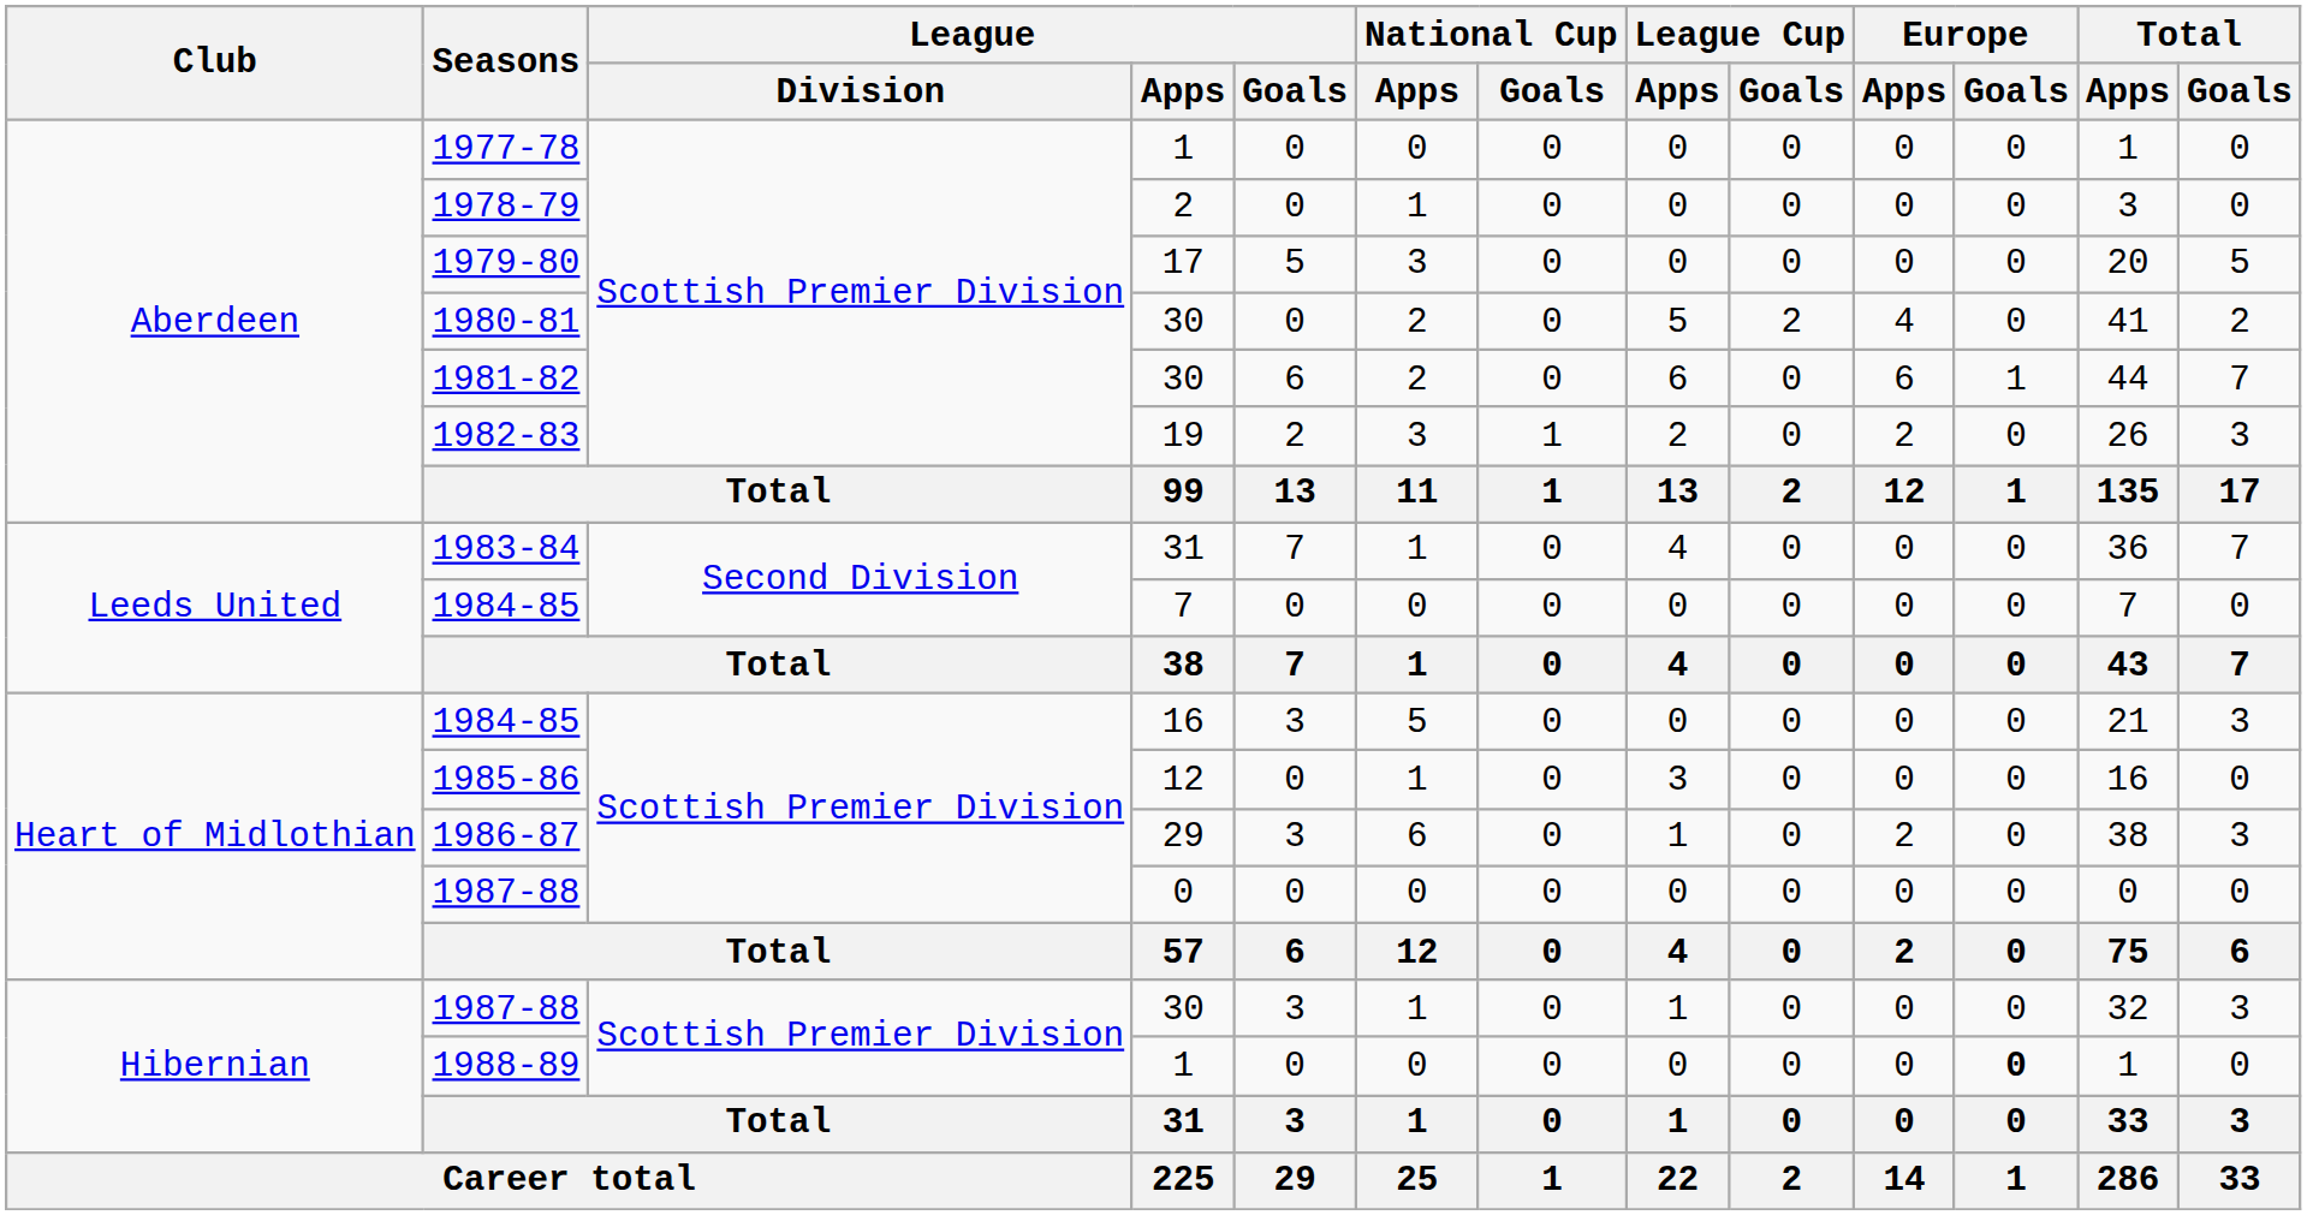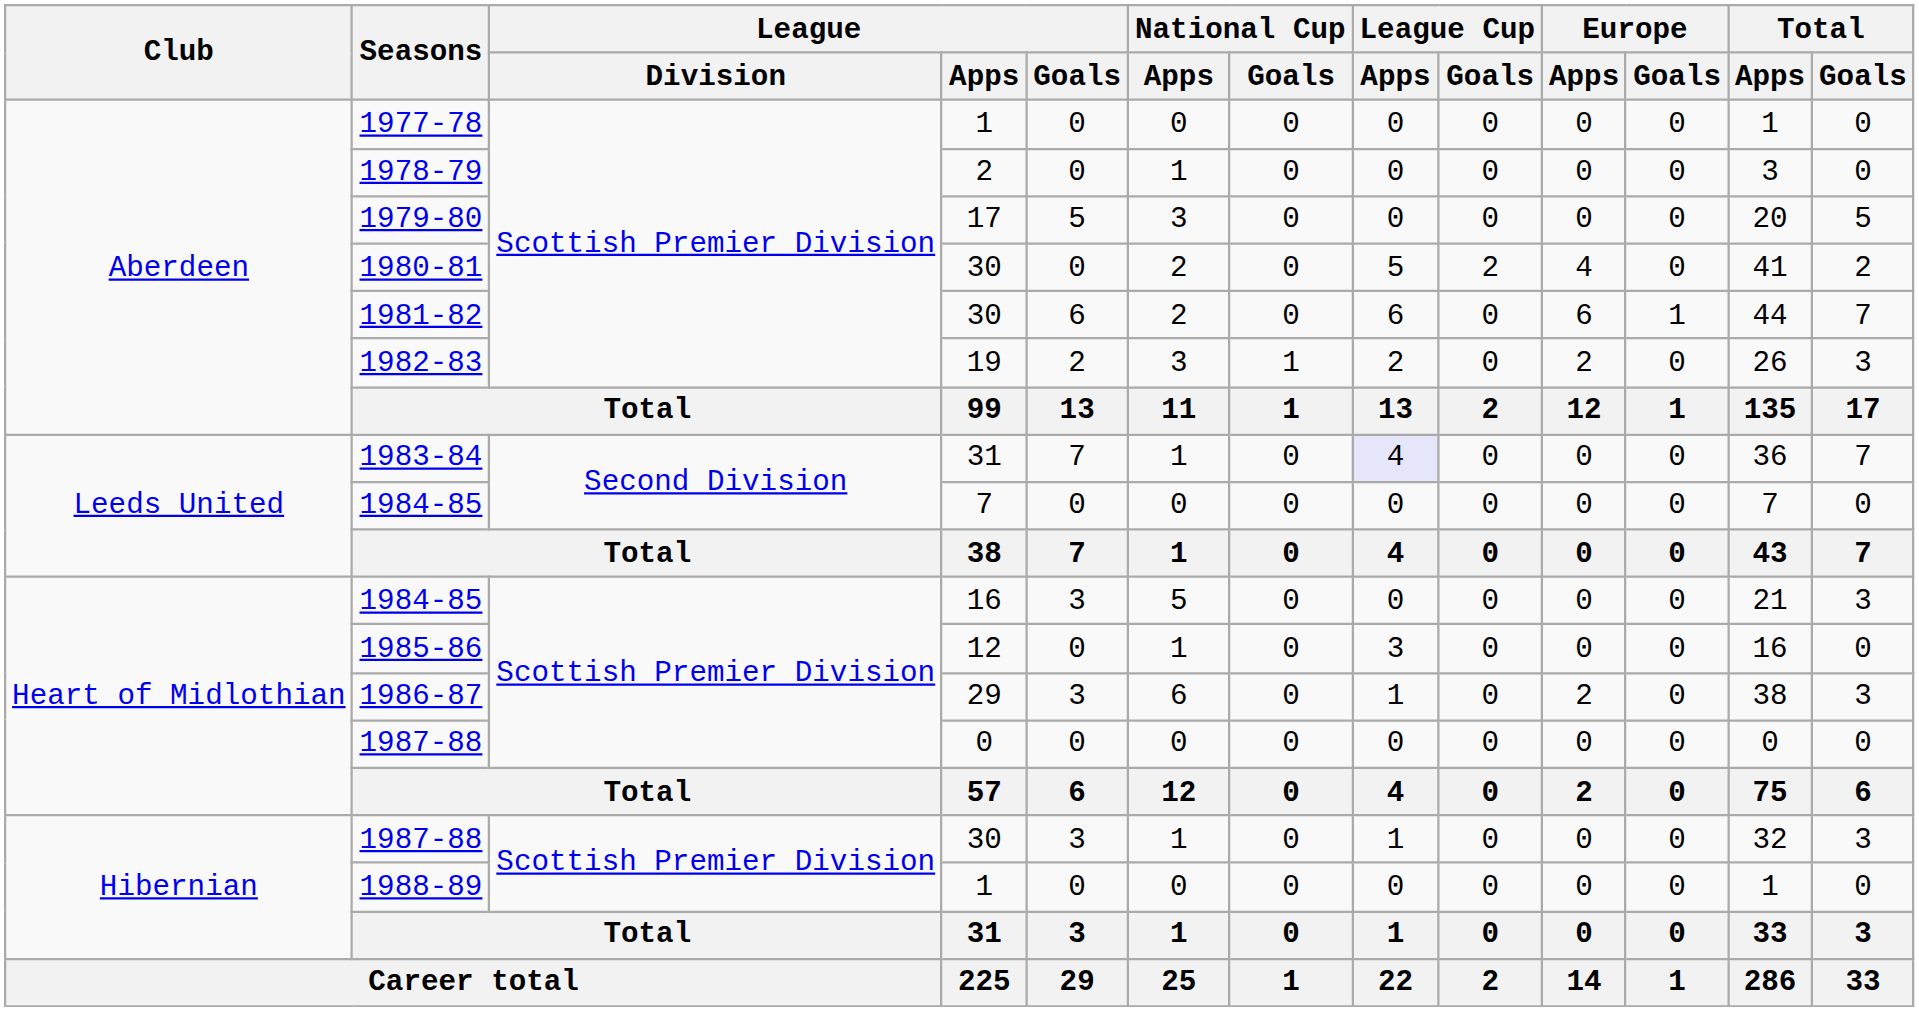 <table class="wikitable" style="text-align:center">
 <tr>
 <th rowspan="2">Club</th>
 <th rowspan="2">Seasons</th>
 <th colspan="3">League</th>
 <th colspan="2">National Cup</th>
 <th colspan="2">League Cup</th>
 <th colspan="2">Europe</th>
 <th colspan="2">Total</th>
 </tr>
 <tr>
 <th>Division</th>
 <th>Apps</th>
 <th>Goals</th>
 <th>Apps</th>
 <th>Goals</th>
 <th>Apps</th>
 <th>Goals</th>
 <th>Apps</th>
 <th>Goals</th>
 <th>Apps</th>
 <th>Goals</th>
 </tr>
 <tr>
 <td rowspan="7"><a href='#'>Aberdeen</a></td>
 <td><a href='#'>1977-78</a></td>
 <td rowspan="6"><a href='#'>Scottish Premier Division</a></td>
 <td>1</td>
 <td>0</td>
 <td>0</td>
 <td>0</td>
 <td>0</td>
 <td>0</td>
 <td>0</td>
 <td>0</td>
 <td>1</td>
 <td>0</td>
 </tr>
 <tr>
 <td><a href='#'>1978-79</a></td>
 <td>2</td>
 <td>0</td>
 <td>1</td>
 <td>0</td>
 <td>0</td>
 <td>0</td>
 <td>0</td>
 <td>0</td>
 <td>3</td>
 <td>0</td>
 </tr>
 <tr>
 <td><a href='#'>1979-80</a></td>
 <td>17</td>
 <td>5</td>
 <td>3</td>
 <td>0</td>
 <td>0</td>
 <td>0</td>
 <td>0</td>
 <td>0</td>
 <td>20</td>
 <td>5</td>
 </tr>
 <tr>
 <td><a href='#'>1980-81</a></td>
 <td>30</td>
 <td>0</td>
 <td>2</td>
 <td>0</td>
 <td>5</td>
 <td>2</td>
 <td>4</td>
 <td>0</td>
 <td>41</td>
 <td>2</td>
 </tr>
 <tr>
 <td><a href='#'>1981-82</a></td>
 <td>30</td>
 <td>6</td>
 <td>2</td>
 <td>0</td>
 <td>6</td>
 <td>0</td>
 <td>6</td>
 <td>1</td>
 <td>44</td>
 <td>7</td>
 </tr>
 <tr>
 <td><a href='#'>1982-83</a></td>
 <td>19</td>
 <td>2</td>
 <td>3</td>
 <td>1</td>
 <td>2</td>
 <td>0</td>
 <td>2</td>
 <td>0</td>
 <td>26</td>
 <td>3</td>
 </tr>
 <tr>
 <th colspan="2">Total</th>
 <th>99</th>
 <th>13</th>
 <th>11</th>
 <th>1</th>
 <th>13</th>
 <th>2</th>
 <th>12</th>
 <th>1</th>
 <th>135</th>
 <th>17</th>
 </tr>
 <tr>
 <td rowspan="3"><a href='#'>Leeds United</a></td>
 <td><a href='#'>1983-84</a></td>
 <td rowspan="2"><a href='#'>Second Division</a></td>
 <td>31</td>
 <td>7</td>
 <td>1</td>
 <td>0</td>
-<td>4</td>
+<td style="background: lavender;">4</td>
 <td>0</td>
 <td>0</td>
 <td>0</td>
 <td>36</td>
 <td>7</td>
 </tr>
 <tr>
 <td><a href='#'>1984-85</a></td>
 <td>7</td>
 <td>0</td>
 <td>0</td>
 <td>0</td>
 <td>0</td>
 <td>0</td>
 <td>0</td>
 <td>0</td>
 <td>7</td>
 <td>0</td>
 </tr>
 <tr>
 <th colspan="2">Total</th>
 <th>38</th>
 <th>7</th>
 <th>1</th>
 <th>0</th>
 <th>4</th>
 <th>0</th>
 <th>0</th>
 <th>0</th>
 <th>43</th>
 <th>7</th>
 </tr>
 <tr>
 <td rowspan="5"><a href='#'>Heart of Midlothian</a></td>
 <td><a href='#'>1984-85</a></td>
 <td rowspan="4"><a href='#'>Scottish Premier Division</a></td>
 <td>16</td>
 <td>3</td>
 <td>5</td>
 <td>0</td>
 <td>0</td>
 <td>0</td>
 <td>0</td>
 <td>0</td>
 <td>21</td>
 <td>3</td>
 </tr>
 <tr>
 <td><a href='#'>1985-86</a></td>
 <td>12</td>
 <td>0</td>
 <td>1</td>
 <td>0</td>
 <td>3</td>
 <td>0</td>
 <td>0</td>
 <td>0</td>
 <td>16</td>
 <td>0</td>
 </tr>
 <tr>
 <td><a href='#'>1986-87</a></td>
 <td>29</td>
 <td>3</td>
 <td>6</td>
 <td>0</td>
 <td>1</td>
 <td>0</td>
 <td>2</td>
 <td>0</td>
 <td>38</td>
 <td>3</td>
 </tr>
 <tr>
 <td><a href='#'>1987-88</a></td>
 <td>0</td>
 <td>0</td>
 <td>0</td>
 <td>0</td>
 <td>0</td>
 <td>0</td>
 <td>0</td>
 <td>0</td>
 <td>0</td>
 <td>0</td>
 </tr>
 <tr>
 <th colspan="2">Total</th>
 <th>57</th>
 <th>6</th>
 <th>12</th>
 <th>0</th>
 <th>4</th>
 <th>0</th>
 <th>2</th>
 <th>0</th>
 <th>75</th>
 <th>6</th>
 </tr>
 <tr>
 <td rowspan="3"><a href='#'>Hibernian</a></td>
 <td><a href='#'>1987-88</a></td>
 <td rowspan="2"><a href='#'>Scottish Premier Division</a></td>
 <td>30</td>
 <td>3</td>
 <td>1</td>
 <td>0</td>
 <td>1</td>
 <td>0</td>
 <td>0</td>
 <td>0</td>
 <td>32</td>
 <td>3</td>
 </tr>
 <tr>
 <td><a href='#'>1988-89</a></td>
 <td>1</td>
 <td>0</td>
 <td>0</td>
 <td>0</td>
 <td>0</td>
 <td>0</td>
 <td>0</td>
-<td><strong>0</strong></td>
+<td>0</td>
 <td>1</td>
 <td>0</td>
 </tr>
 <tr>
 <th colspan="2">Total</th>
 <th>31</th>
 <th>3</th>
 <th>1</th>
 <th>0</th>
 <th>1</th>
 <th>0</th>
 <th>0</th>
 <th>0</th>
 <th>33</th>
 <th>3</th>
 </tr>
 <tr>
 <th colspan="3">Career total</th>
 <th>225</th>
 <th>29</th>
 <th>25</th>
 <th>1</th>
 <th>22</th>
 <th>2</th>
 <th>14</th>
 <th>1</th>
 <th>286</th>
 <th>33</th>
 </tr>
 </table>
